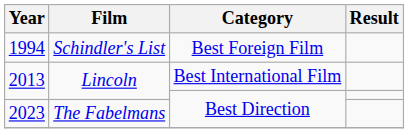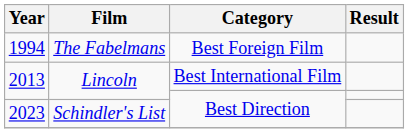 <table class="wikitable">
 <tr>
 <th>Year</th>
 <th>Film</th>
 <th>Category</th>
 <th>Result</th>
 </tr>
 <tr>
 <td style="text-align:center;"><a href='#'>1994</a></td>
-<td style="text-align:center;"><em><a href='#'>Schindler's List</a></em></td>
+<td style="text-align:center;"><em><a href='#'>The Fabelmans</a></em></td>
 <td style="text-align:center;"><a href='#'>Best Foreign Film</a></td>
 <td></td>
 </tr>
 <tr>
 <td style="text-align:center;" rowspan="2"><a href='#'>2013</a></td>
 <td style="text-align:center;" rowspan="2"><em><a href='#'>Lincoln</a></em></td>
 <td style="text-align:center;"><a href='#'>Best International Film</a></td>
 <td></td>
 </tr>
 <tr>
 <td style="text-align:center;" rowspan="2"><a href='#'>Best Direction</a></td>
 <td></td>
 </tr>
 <tr>
 <td style="text-align:center;"><a href='#'>2023</a></td>
-<td style="text-align:center;"><em><a href='#'>The Fabelmans</a></em></td>
+<td style="text-align:center;"><em><a href='#'>Schindler's List</a></em></td>
 <td></td>
 </tr>
 <tr>
 </tr>
 </table>
